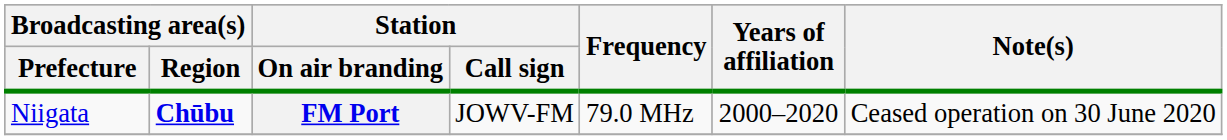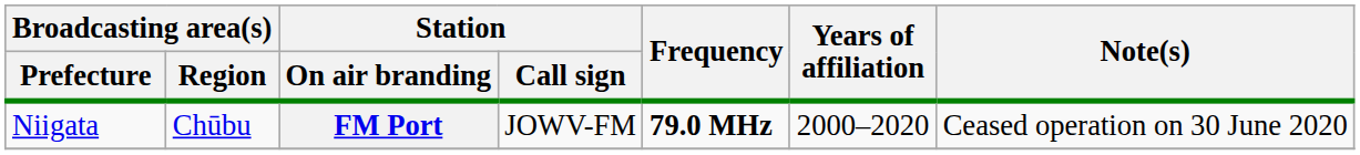 <table class="wikitable sortable">
 <tr>
 <th colspan="2">Broadcasting area(s)</th>
 <th colspan="2">Station</th>
 <th rowspan="2" style="border-bottom:3px solid green;">Frequency</th>
 <th rowspan="2" style="border-bottom:3px solid green;">Years of<br>affiliation</th>
 <th rowspan="2" style="border-bottom:3px solid green;">Note(s)</th>
 </tr>
 <tr>
 <th style="border-bottom:3px solid green;">Prefecture</th>
 <th style="border-bottom:3px solid green;">Region</th>
 <th style="border-bottom:3px solid green;">On air branding</th>
 <th style="border-bottom:3px solid green;">Call sign</th>
 </tr>
 <tr>
 <td><a href='#'>Niigata</a></td>
-<td><strong><a href='#'>Chūbu</a></strong></td>
+<td><a href='#'>Chūbu</a></td>
 <th><a href='#'>FM Port</a></th>
 <td>JOWV-FM</td>
-<td>79.0 MHz</td>
+<td><strong>79.0 MHz</strong></td>
 <td>2000–2020</td>
 <td>Ceased operation on 30 June 2020</td>
 </tr>
 <tr>
 </tr>
 </table>
